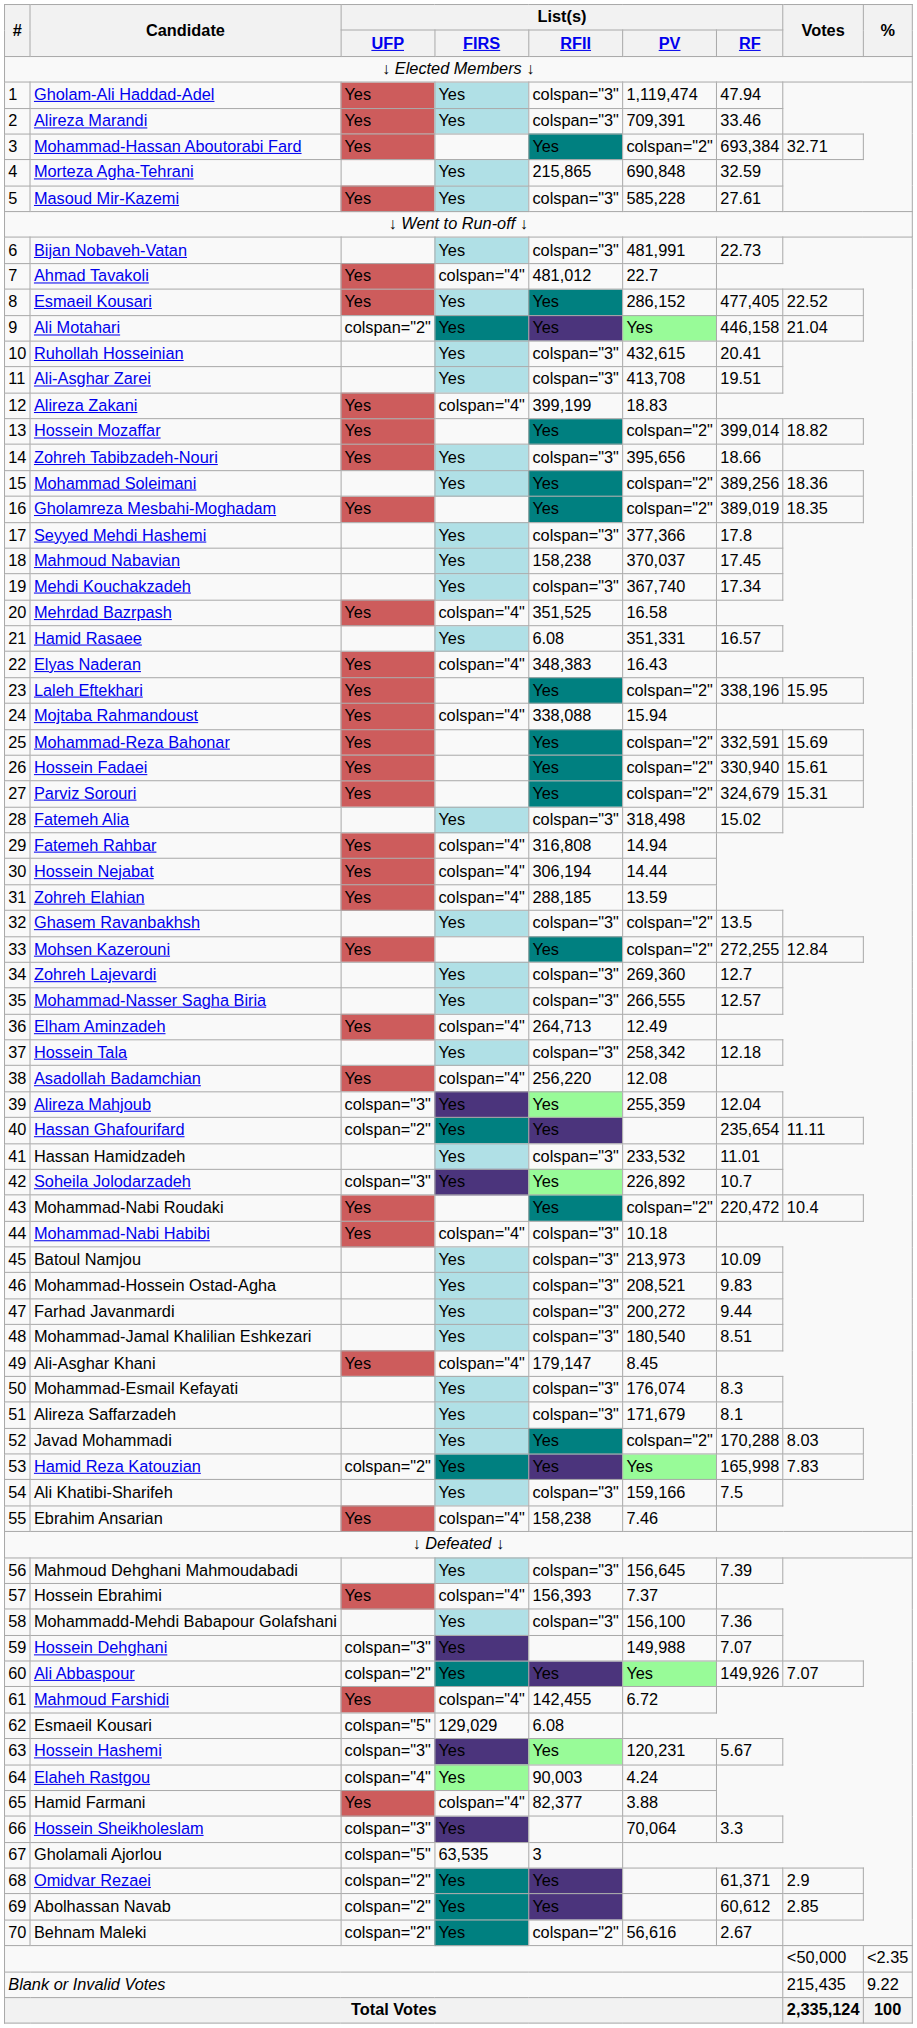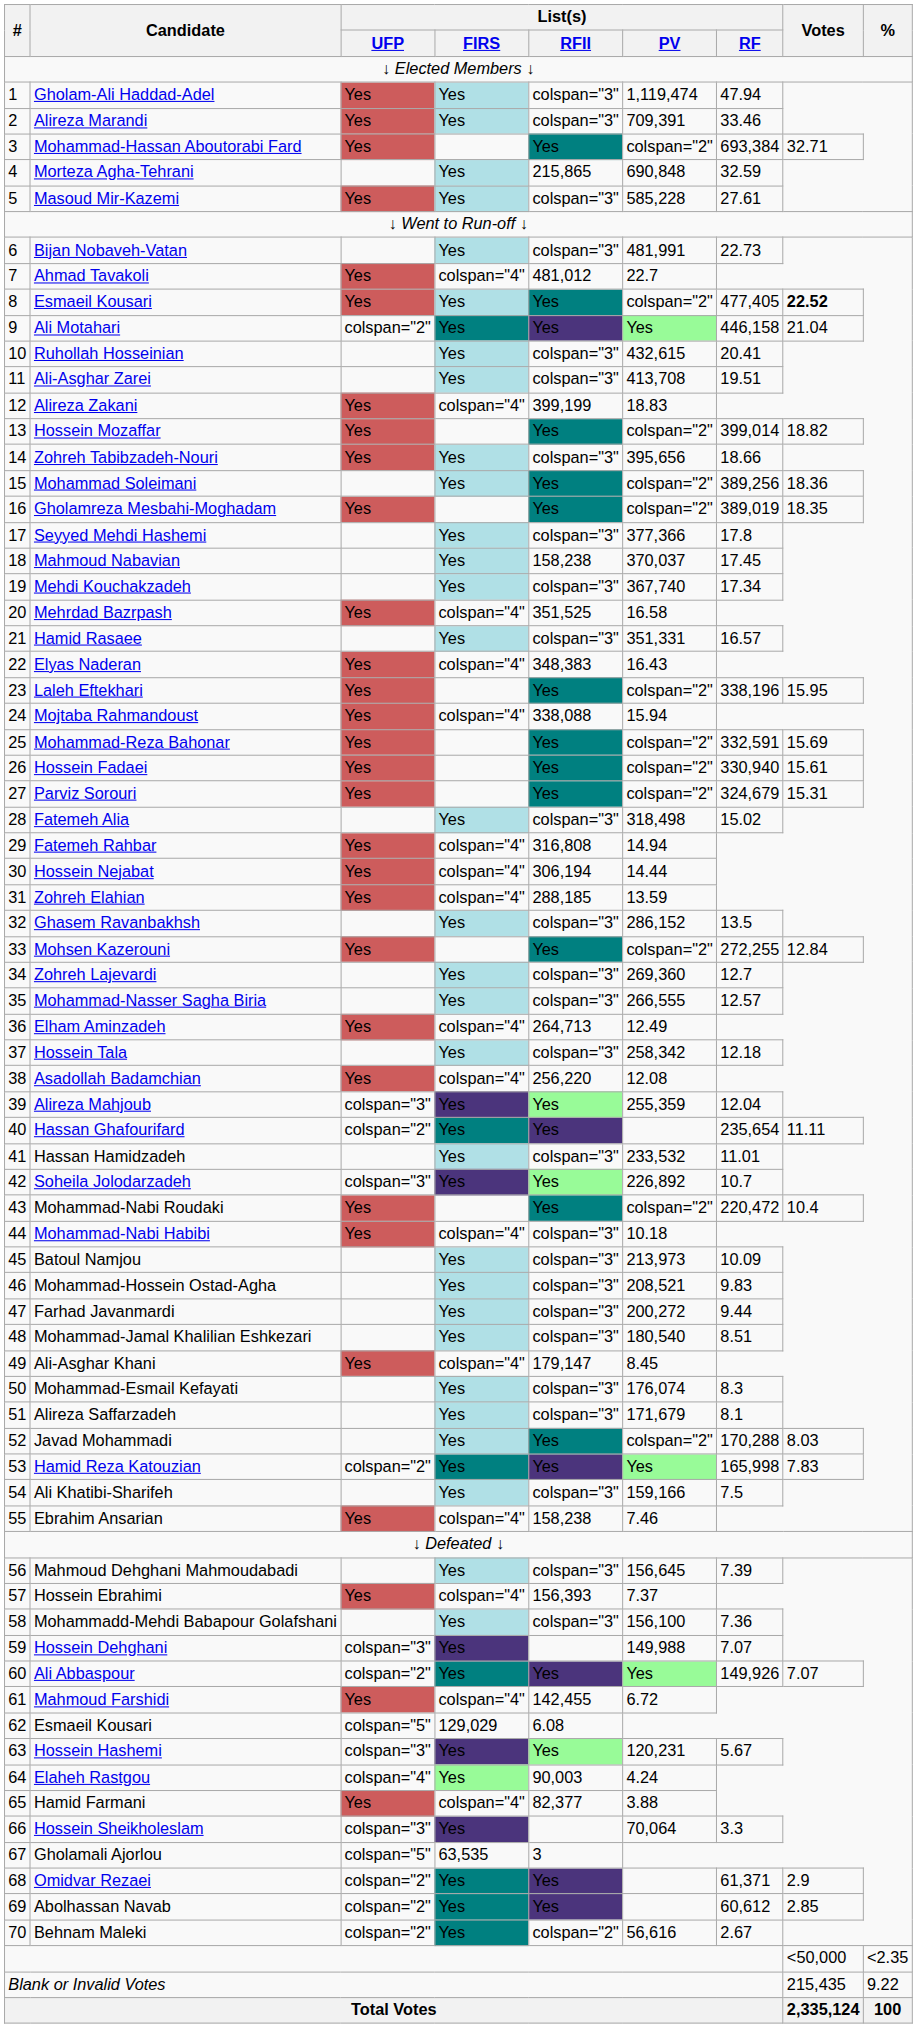 <table class="wikitable">
 <tr>
 <th rowspan="2">#</th>
 <th rowspan="2">Candidate</th>
 <th colspan="5">List(s)</th>
 <th rowspan="2">Votes</th>
 <th rowspan="2">%</th>
 </tr>
 <tr>
 <th><a href='#'>UFP</a></th>
 <th><a href='#'>FIRS</a></th>
 <th><a href='#'>RFII</a></th>
 <th><a href='#'>PV</a></th>
 <th><a href='#'>RF</a></th>
 </tr>
 <tr>
 <td align=center colspan="9">↓ <em>Elected Members</em> ↓</td>
 </tr>
 <tr>
 <td>1</td>
 <td><a href='#'>Gholam-Ali Haddad-Adel</a></td>
 <td style="background:#CD5C5C;"><span>Yes</span></td>
 <td style="background:#B0E0E6;"><span>Yes</span></td>
 <td>colspan="3" </td>
 <td>1,119,474</td>
 <td>47.94</td>
 </tr>
 <tr>
 <td>2</td>
 <td><a href='#'>Alireza Marandi</a></td>
 <td style="background:#CD5C5C;"><span>Yes</span></td>
 <td style="background:#B0E0E6;"><span>Yes</span></td>
 <td>colspan="3" </td>
 <td>709,391</td>
 <td>33.46</td>
 </tr>
 <tr>
 <td>3</td>
 <td><a href='#'>Mohammad-Hassan Aboutorabi Fard</a></td>
 <td style="background:#CD5C5C;"><span>Yes</span></td>
 <td></td>
 <td style="background:#008080;"><span>Yes</span></td>
 <td>colspan="2" </td>
 <td>693,384</td>
 <td>32.71</td>
 </tr>
 <tr>
 <td>4</td>
 <td><a href='#'>Morteza Agha-Tehrani</a></td>
 <td></td>
 <td style="background:#B0E0E6;"><span>Yes</span></td>
 <td>215,865</td>
 <td>690,848</td>
 <td>32.59</td>
 </tr>
 <tr>
 <td>5</td>
 <td><a href='#'>Masoud Mir-Kazemi</a></td>
 <td style="background:#CD5C5C;"><span>Yes</span></td>
 <td style="background:#B0E0E6;"><span>Yes</span></td>
 <td>colspan="3" </td>
 <td>585,228</td>
 <td>27.61</td>
 </tr>
 <tr>
 <td align=center colspan="9">↓ <em>Went to Run-off</em> ↓</td>
 </tr>
 <tr>
 <td>6</td>
 <td><a href='#'>Bijan Nobaveh-Vatan</a></td>
 <td></td>
 <td style="background:#B0E0E6;"><span>Yes</span></td>
 <td>colspan="3" </td>
 <td>481,991</td>
 <td>22.73</td>
 </tr>
 <tr>
 <td>7</td>
 <td><a href='#'>Ahmad Tavakoli</a></td>
 <td style="background:#CD5C5C;"><span>Yes</span></td>
 <td>colspan="4" </td>
 <td>481,012</td>
 <td>22.7</td>
 </tr>
 <tr>
 <td>8</td>
 <td><a href='#'>Esmaeil Kousari</a></td>
 <td style="background:#CD5C5C;"><span>Yes</span></td>
 <td style="background:#B0E0E6;"><span>Yes</span></td>
 <td style="background:#008080;"><span>Yes</span></td>
-<td>286,152</td>
+<td>colspan="2" </td>
 <td>477,405</td>
-<td>22.52</td>
+<td><strong>22.52</strong></td>
 </tr>
 <tr>
 <td>9</td>
 <td><a href='#'>Ali Motahari</a></td>
 <td>colspan="2" </td>
 <td style="background:#008080;"><span>Yes</span></td>
 <td style="background:#4b347c;"><span>Yes</span></td>
 <td style="background:#98FB98;"><span>Yes</span></td>
 <td>446,158</td>
 <td>21.04</td>
 </tr>
 <tr>
 <td>10</td>
 <td><a href='#'>Ruhollah Hosseinian</a></td>
 <td></td>
 <td style="background:#B0E0E6;"><span>Yes</span></td>
 <td>colspan="3" </td>
 <td>432,615</td>
 <td>20.41</td>
 </tr>
 <tr>
 <td>11</td>
 <td><a href='#'>Ali-Asghar Zarei</a></td>
 <td></td>
 <td style="background:#B0E0E6;"><span>Yes</span></td>
 <td>colspan="3" </td>
 <td>413,708</td>
 <td>19.51</td>
 </tr>
 <tr>
 <td>12</td>
 <td><a href='#'>Alireza Zakani</a></td>
 <td style="background:#CD5C5C;"><span>Yes</span></td>
 <td>colspan="4" </td>
 <td>399,199</td>
 <td>18.83</td>
 </tr>
 <tr>
 <td>13</td>
 <td><a href='#'>Hossein Mozaffar</a></td>
 <td style="background:#CD5C5C;"><span>Yes</span></td>
 <td></td>
 <td style="background:#008080;"><span>Yes</span></td>
 <td>colspan="2" </td>
 <td>399,014</td>
 <td>18.82</td>
 </tr>
 <tr>
 <td>14</td>
 <td><a href='#'>Zohreh Tabibzadeh-Nouri</a></td>
 <td style="background:#CD5C5C;"><span>Yes</span></td>
 <td style="background:#B0E0E6;"><span>Yes</span></td>
 <td>colspan="3" </td>
 <td>395,656</td>
 <td>18.66</td>
 </tr>
 <tr>
 <td>15</td>
 <td><a href='#'>Mohammad Soleimani</a></td>
 <td></td>
 <td style="background:#B0E0E6;"><span>Yes</span></td>
 <td style="background:#008080;"><span>Yes</span></td>
 <td>colspan="2" </td>
 <td>389,256</td>
 <td>18.36</td>
 </tr>
 <tr>
 <td>16</td>
 <td><a href='#'>Gholamreza Mesbahi-Moghadam</a></td>
 <td style="background:#CD5C5C;"><span>Yes</span></td>
 <td></td>
 <td style="background:#008080;"><span>Yes</span></td>
 <td>colspan="2" </td>
 <td>389,019</td>
 <td>18.35</td>
 </tr>
 <tr>
 <td>17</td>
 <td><a href='#'>Seyyed Mehdi Hashemi</a></td>
 <td></td>
 <td style="background:#B0E0E6;"><span>Yes</span></td>
 <td>colspan="3" </td>
 <td>377,366</td>
 <td>17.8</td>
 </tr>
 <tr>
 <td>18</td>
 <td><a href='#'>Mahmoud Nabavian</a></td>
 <td></td>
 <td style="background:#B0E0E6;"><span>Yes</span></td>
 <td>158,238</td>
 <td>370,037</td>
 <td>17.45</td>
 </tr>
 <tr>
 <td>19</td>
 <td><a href='#'>Mehdi Kouchakzadeh</a></td>
 <td></td>
 <td style="background:#B0E0E6;"><span>Yes</span></td>
 <td>colspan="3" </td>
 <td>367,740</td>
 <td>17.34</td>
 </tr>
 <tr>
 <td>20</td>
 <td><a href='#'>Mehrdad Bazrpash</a></td>
 <td style="background:#CD5C5C;"><span>Yes</span></td>
 <td>colspan="4" </td>
 <td>351,525</td>
 <td>16.58</td>
 </tr>
 <tr>
 <td>21</td>
 <td><a href='#'>Hamid Rasaee</a></td>
 <td></td>
 <td style="background:#B0E0E6;"><span>Yes</span></td>
-<td>6.08</td>
+<td>colspan="3" </td>
 <td>351,331</td>
 <td>16.57</td>
 </tr>
 <tr>
 <td>22</td>
 <td><a href='#'>Elyas Naderan</a></td>
 <td style="background:#CD5C5C;"><span>Yes</span></td>
 <td>colspan="4" </td>
 <td>348,383</td>
 <td>16.43</td>
 </tr>
 <tr>
 <td>23</td>
 <td><a href='#'>Laleh Eftekhari</a></td>
 <td style="background:#CD5C5C;"><span>Yes</span></td>
 <td></td>
 <td style="background:#008080;"><span>Yes</span></td>
 <td>colspan="2" </td>
 <td>338,196</td>
 <td>15.95</td>
 </tr>
 <tr>
 <td>24</td>
 <td><a href='#'>Mojtaba Rahmandoust</a></td>
 <td style="background:#CD5C5C;"><span>Yes</span></td>
 <td>colspan="4" </td>
 <td>338,088</td>
 <td>15.94</td>
 </tr>
 <tr>
 <td>25</td>
 <td><a href='#'>Mohammad-Reza Bahonar</a></td>
 <td style="background:#CD5C5C;"><span>Yes</span></td>
 <td></td>
 <td style="background:#008080;"><span>Yes</span></td>
 <td>colspan="2" </td>
 <td>332,591</td>
 <td>15.69</td>
 </tr>
 <tr>
 <td>26</td>
 <td><a href='#'>Hossein Fadaei</a></td>
 <td style="background:#CD5C5C;"><span>Yes</span></td>
 <td></td>
 <td style="background:#008080;"><span>Yes</span></td>
 <td>colspan="2" </td>
 <td>330,940</td>
 <td>15.61</td>
 </tr>
 <tr>
 <td>27</td>
 <td><a href='#'>Parviz Sorouri</a></td>
 <td style="background:#CD5C5C;"><span>Yes</span></td>
 <td></td>
 <td style="background:#008080;"><span>Yes</span></td>
 <td>colspan="2" </td>
 <td>324,679</td>
 <td>15.31</td>
 </tr>
 <tr>
 <td>28</td>
 <td><a href='#'>Fatemeh Alia</a></td>
 <td></td>
 <td style="background:#B0E0E6;"><span>Yes</span></td>
 <td>colspan="3" </td>
 <td>318,498</td>
 <td>15.02</td>
 </tr>
 <tr>
 <td>29</td>
 <td><a href='#'>Fatemeh Rahbar</a></td>
 <td style="background:#CD5C5C;"><span>Yes</span></td>
 <td>colspan="4" </td>
 <td>316,808</td>
 <td>14.94</td>
 </tr>
 <tr>
 <td>30</td>
 <td><a href='#'>Hossein Nejabat</a></td>
 <td style="background:#CD5C5C;"><span>Yes</span></td>
 <td>colspan="4" </td>
 <td>306,194</td>
 <td>14.44</td>
 </tr>
 <tr>
 <td>31</td>
 <td><a href='#'>Zohreh Elahian</a></td>
 <td style="background:#CD5C5C;"><span>Yes</span></td>
 <td>colspan="4" </td>
 <td>288,185</td>
 <td>13.59</td>
 </tr>
 <tr>
 <td>32</td>
 <td><a href='#'>Ghasem Ravanbakhsh</a></td>
 <td></td>
 <td style="background:#B0E0E6;"><span>Yes</span></td>
 <td>colspan="3" </td>
-<td>colspan="2" </td>
+<td>286,152</td>
 <td>13.5</td>
 </tr>
 <tr>
 <td>33</td>
 <td><a href='#'>Mohsen Kazerouni</a></td>
 <td style="background:#CD5C5C;"><span>Yes</span></td>
 <td></td>
 <td style="background:#008080;"><span>Yes</span></td>
 <td>colspan="2" </td>
 <td>272,255</td>
 <td>12.84</td>
 </tr>
 <tr>
 <td>34</td>
 <td><a href='#'>Zohreh Lajevardi</a></td>
 <td></td>
 <td style="background:#B0E0E6;"><span>Yes</span></td>
 <td>colspan="3" </td>
 <td>269,360</td>
 <td>12.7</td>
 </tr>
 <tr>
 <td>35</td>
 <td><a href='#'>Mohammad-Nasser Sagha Biria</a></td>
 <td></td>
 <td style="background:#B0E0E6;"><span>Yes</span></td>
 <td>colspan="3" </td>
 <td>266,555</td>
 <td>12.57</td>
 </tr>
 <tr>
 <td>36</td>
 <td><a href='#'>Elham Aminzadeh</a></td>
 <td style="background:#CD5C5C;"><span>Yes</span></td>
 <td>colspan="4" </td>
 <td>264,713</td>
 <td>12.49</td>
 </tr>
 <tr>
 <td>37</td>
 <td><a href='#'>Hossein Tala</a></td>
 <td></td>
 <td style="background:#B0E0E6;"><span>Yes</span></td>
 <td>colspan="3" </td>
 <td>258,342</td>
 <td>12.18</td>
 </tr>
 <tr>
 <td>38</td>
 <td><a href='#'>Asadollah Badamchian</a></td>
 <td style="background:#CD5C5C;"><span>Yes</span></td>
 <td>colspan="4" </td>
 <td>256,220</td>
 <td>12.08</td>
 </tr>
 <tr>
 <td>39</td>
 <td><a href='#'>Alireza Mahjoub</a></td>
 <td>colspan="3" </td>
 <td style="background:#4b347c;"><span>Yes</span></td>
 <td style="background:#98FB98;"><span>Yes</span></td>
 <td>255,359</td>
 <td>12.04</td>
 </tr>
 <tr>
 <td>40</td>
 <td><a href='#'>Hassan Ghafourifard</a></td>
 <td>colspan="2" </td>
 <td style="background:#008080;"><span>Yes</span></td>
 <td style="background:#4b347c;"><span>Yes</span></td>
 <td></td>
 <td>235,654</td>
 <td>11.11</td>
 </tr>
 <tr>
 <td>41</td>
 <td>Hassan Hamidzadeh</td>
 <td></td>
 <td style="background:#B0E0E6;"><span>Yes</span></td>
 <td>colspan="3" </td>
 <td>233,532</td>
 <td>11.01</td>
 </tr>
 <tr>
 <td>42</td>
 <td><a href='#'>Soheila Jolodarzadeh</a></td>
 <td>colspan="3" </td>
 <td style="background:#4b347c;"><span>Yes</span></td>
 <td style="background:#98FB98;"><span>Yes</span></td>
 <td>226,892</td>
 <td>10.7</td>
 </tr>
 <tr>
 <td>43</td>
 <td>Mohammad-Nabi Roudaki</td>
 <td style="background:#CD5C5C;"><span>Yes</span></td>
 <td></td>
 <td style="background:#008080;"><span>Yes</span></td>
 <td>colspan="2" </td>
 <td>220,472</td>
 <td>10.4</td>
 </tr>
 <tr>
 <td>44</td>
 <td><a href='#'>Mohammad-Nabi Habibi</a></td>
 <td style="background:#CD5C5C;"><span>Yes</span></td>
 <td>colspan="4" </td>
 <td>colspan="3" </td>
 <td>10.18</td>
 </tr>
 <tr>
 <td>45</td>
 <td>Batoul Namjou</td>
 <td></td>
 <td style="background:#B0E0E6;"><span>Yes</span></td>
 <td>colspan="3" </td>
 <td>213,973</td>
 <td>10.09</td>
 </tr>
 <tr>
 <td>46</td>
 <td>Mohammad-Hossein Ostad-Agha</td>
 <td></td>
 <td style="background:#B0E0E6;"><span>Yes</span></td>
 <td>colspan="3" </td>
 <td>208,521</td>
 <td>9.83</td>
 </tr>
 <tr>
 <td>47</td>
 <td>Farhad Javanmardi</td>
 <td></td>
 <td style="background:#B0E0E6;"><span>Yes</span></td>
 <td>colspan="3" </td>
 <td>200,272</td>
 <td>9.44</td>
 </tr>
 <tr>
 <td>48</td>
 <td>Mohammad-Jamal Khalilian Eshkezari</td>
 <td></td>
 <td style="background:#B0E0E6;"><span>Yes</span></td>
 <td>colspan="3" </td>
 <td>180,540</td>
 <td>8.51</td>
 </tr>
 <tr>
 <td>49</td>
 <td>Ali-Asghar Khani</td>
 <td style="background:#CD5C5C;"><span>Yes</span></td>
 <td>colspan="4" </td>
 <td>179,147</td>
 <td>8.45</td>
 </tr>
 <tr>
 <td>50</td>
 <td>Mohammad-Esmail Kefayati</td>
 <td></td>
 <td style="background:#B0E0E6;"><span>Yes</span></td>
 <td>colspan="3" </td>
 <td>176,074</td>
 <td>8.3</td>
 </tr>
 <tr>
 <td>51</td>
 <td>Alireza Saffarzadeh</td>
 <td></td>
 <td style="background:#B0E0E6;"><span>Yes</span></td>
 <td>colspan="3" </td>
 <td>171,679</td>
 <td>8.1</td>
 </tr>
 <tr>
 <td>52</td>
 <td>Javad Mohammadi</td>
 <td></td>
 <td style="background:#B0E0E6;"><span>Yes</span></td>
 <td style="background:#008080;"><span>Yes</span></td>
 <td>colspan="2" </td>
 <td>170,288</td>
 <td>8.03</td>
 </tr>
 <tr>
 <td>53</td>
 <td><a href='#'>Hamid Reza Katouzian</a></td>
 <td>colspan="2" </td>
 <td style="background:#008080;"><span>Yes</span></td>
 <td style="background:#4b347c;"><span>Yes</span></td>
 <td style="background:#98FB98;"><span>Yes</span></td>
 <td>165,998</td>
 <td>7.83</td>
 </tr>
 <tr>
 <td>54</td>
 <td>Ali Khatibi-Sharifeh</td>
 <td></td>
 <td style="background:#B0E0E6;"><span>Yes</span></td>
 <td>colspan="3" </td>
 <td>159,166</td>
 <td>7.5</td>
 </tr>
 <tr>
 <td>55</td>
 <td>Ebrahim Ansarian</td>
 <td style="background:#CD5C5C;"><span>Yes</span></td>
 <td>colspan="4" </td>
 <td>158,238</td>
 <td>7.46</td>
 </tr>
 <tr>
 <td align=center colspan="9">↓ <em>Defeated</em> ↓</td>
 </tr>
 <tr>
 <td>56</td>
 <td>Mahmoud Dehghani Mahmoudabadi</td>
 <td></td>
 <td style="background:#B0E0E6;"><span>Yes</span></td>
 <td>colspan="3" </td>
 <td>156,645</td>
 <td>7.39</td>
 </tr>
 <tr>
 <td>57</td>
 <td>Hossein Ebrahimi</td>
 <td style="background:#CD5C5C;"><span>Yes</span></td>
 <td>colspan="4" </td>
 <td>156,393</td>
 <td>7.37</td>
 </tr>
 <tr>
 <td>58</td>
 <td>Mohammadd-Mehdi Babapour Golafshani</td>
 <td></td>
 <td style="background:#B0E0E6;"><span>Yes</span></td>
 <td>colspan="3" </td>
 <td>156,100</td>
 <td>7.36</td>
 </tr>
 <tr>
 <td>59</td>
 <td><a href='#'>Hossein Dehghani</a></td>
 <td>colspan="3" </td>
 <td style="background:#4b347c;"><span>Yes</span></td>
 <td></td>
 <td>149,988</td>
 <td>7.07</td>
 </tr>
 <tr>
 <td>60</td>
 <td><a href='#'>Ali Abbaspour</a></td>
 <td>colspan="2" </td>
 <td style="background:#008080;"><span>Yes</span></td>
 <td style="background:#4b347c;"><span>Yes</span></td>
 <td style="background:#98FB98;"><span>Yes</span></td>
 <td>149,926</td>
 <td>7.07</td>
 </tr>
 <tr>
 <td>61</td>
 <td><a href='#'>Mahmoud Farshidi</a></td>
 <td style="background:#CD5C5C;"><span>Yes</span></td>
 <td>colspan="4" </td>
 <td>142,455</td>
 <td>6.72</td>
 </tr>
 <tr>
 <td>62</td>
 <td>Esmaeil Kousari</td>
 <td>colspan="5" </td>
 <td>129,029</td>
 <td>6.08</td>
 </tr>
 <tr>
 <td>63</td>
 <td><a href='#'>Hossein Hashemi</a></td>
 <td>colspan="3" </td>
 <td style="background:#4b347c;"><span>Yes</span></td>
 <td style="background:#98FB98;"><span>Yes</span></td>
 <td>120,231</td>
 <td>5.67</td>
 </tr>
 <tr>
 <td>64</td>
 <td><a href='#'>Elaheh Rastgou</a></td>
 <td>colspan="4" </td>
 <td style="background:#98FB98;"><span>Yes</span></td>
 <td>90,003</td>
 <td>4.24</td>
 </tr>
 <tr>
 <td>65</td>
 <td>Hamid Farmani</td>
 <td style="background:#CD5C5C;"><span>Yes</span></td>
 <td>colspan="4" </td>
 <td>82,377</td>
 <td>3.88</td>
 </tr>
 <tr>
 <td>66</td>
 <td><a href='#'>Hossein Sheikholeslam</a></td>
 <td>colspan="3" </td>
 <td style="background:#4b347c;"><span>Yes</span></td>
 <td></td>
 <td>70,064</td>
 <td>3.3</td>
 </tr>
 <tr>
 <td>67</td>
 <td>Gholamali Ajorlou</td>
 <td>colspan="5" </td>
 <td>63,535</td>
 <td>3</td>
 </tr>
 <tr>
 <td>68</td>
 <td><a href='#'>Omidvar Rezaei</a></td>
 <td>colspan="2" </td>
 <td style="background:#008080;"><span>Yes</span></td>
 <td style="background:#4b347c;"><span>Yes</span></td>
 <td></td>
 <td>61,371</td>
 <td>2.9</td>
 </tr>
 <tr>
 <td>69</td>
 <td>Abolhassan Navab</td>
 <td>colspan="2" </td>
 <td style="background:#008080;"><span>Yes</span></td>
 <td style="background:#4b347c;"><span>Yes</span></td>
 <td></td>
 <td>60,612</td>
 <td>2.85</td>
 </tr>
 <tr>
 <td>70</td>
 <td>Behnam Maleki</td>
 <td>colspan="2" </td>
 <td style="background:#008080;"><span>Yes</span></td>
 <td>colspan="2" </td>
 <td>56,616</td>
 <td>2.67</td>
 </tr>
 <tr>
 <td colspan="7"></td>
 <td><50,000</td>
 <td><2.35</td>
 </tr>
 <tr>
 <td colspan="7"><em>Blank or Invalid Votes</em></td>
 <td>215,435</td>
 <td>9.22</td>
 </tr>
 <tr>
 <th colspan="7">Total Votes</th>
 <th>2,335,124</th>
 <th>100</th>
 </tr>
 </table>
